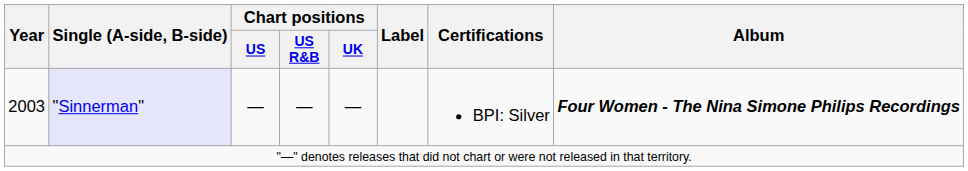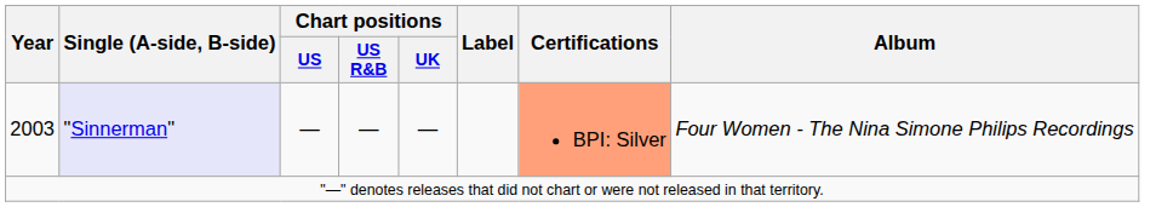 <table class="wikitable" style="text-align:center;">
 <tr>
 <th rowspan="2">Year</th>
 <th rowspan="2">Single (A-side, B-side)<br></th>
 <th colspan="3">Chart positions</th>
 <th rowspan="2">Label</th>
 <th rowspan="2">Certifications</th>
 <th rowspan="2">Album</th>
 </tr>
 <tr>
 <th scope="col" style="width:3em;font-size:85%;"><a href='#'>US</a><br></th>
 <th scope="col" style="width:3em;font-size:85%;"><a href='#'>US<br>R&B</a><br></th>
 <th scope="col" style="width:3em;font-size:85%;"><a href='#'>UK</a><br></th>
 </tr>
 <tr>
 <td>2003</td>
 <td style="background: lavender; text-align:left;">"<a href='#'>Sinnerman</a>" <br></td>
 <td>—</td>
 <td>—</td>
 <td>—</td>
 <td></td>
-<td><br><ul><li>BPI: Silver</li></ul></td>
-<td style="text-align:left;"><strong><em>Four Women - The Nina Simone Philips Recordings</em></strong></td>
+<td style="background: lightsalmon;"><br><ul><li>BPI: Silver</li></ul></td>
+<td style="text-align:left;"><em>Four Women - The Nina Simone Philips Recordings</em></td>
 </tr>
 <tr>
 <td colspan="8" style="text-align:center; font-size:9pt;">"—" denotes releases that did not chart or were not released in that territory.</td>
 </tr>
 </table>
